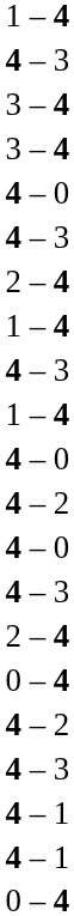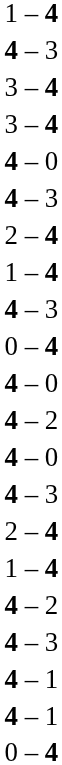 <table style="text-align:center">
 <tr>
 <th width=223></th>
 <th width=100></th>
 <th width=223></th>
 </tr>
 <tr>
 <td align=right></td>
 <td>1 – <strong>4</strong></td>
 <td align=left></td>
 </tr>
 <tr>
 <td align=right></td>
 <td><strong>4</strong> – 3</td>
 <td align=left></td>
 </tr>
 <tr>
 <td align=right></td>
 <td>3 – <strong>4</strong></td>
 <td align=left></td>
 </tr>
 <tr>
 <td align=right></td>
 <td>3 – <strong>4</strong></td>
 <td align=left></td>
 </tr>
 <tr>
 <td align=right></td>
 <td><strong>4</strong> – 0</td>
 <td align=left></td>
 </tr>
 <tr>
 <td align=right></td>
 <td><strong>4</strong> – 3</td>
 <td align=left></td>
 </tr>
 <tr>
 <td align=right></td>
 <td>2 – <strong>4</strong></td>
 <td align=left></td>
 </tr>
 <tr>
 <td align=right></td>
 <td>1 – <strong>4</strong></td>
 <td align=left></td>
 </tr>
 <tr>
 <td align=right></td>
 <td><strong>4</strong> – 3</td>
 <td align=left></td>
 </tr>
 <tr>
 <td align=right></td>
-<td>1 – <strong>4</strong></td>
+<td>0 – <strong>4</strong></td>
 <td align=left></td>
 </tr>
 <tr>
 <td align=right></td>
 <td><strong>4</strong> – 0</td>
 <td align=left></td>
 </tr>
 <tr>
 <td align=right></td>
 <td><strong>4</strong> – 2</td>
 <td align=left></td>
 </tr>
 <tr>
 <td align=right></td>
 <td><strong>4</strong> – 0</td>
 <td align=left></td>
 </tr>
 <tr>
 <td align=right></td>
 <td><strong>4</strong> – 3</td>
 <td align=left></td>
 </tr>
 <tr>
 <td align=right></td>
 <td>2 – <strong>4</strong></td>
 <td align=left></td>
 </tr>
 <tr>
 <td align=right></td>
-<td>0 – <strong>4</strong></td>
+<td>1 – <strong>4</strong></td>
 <td align=left></td>
 </tr>
 <tr>
 <td align=right></td>
 <td><strong>4</strong> – 2</td>
 <td align=left></td>
 </tr>
 <tr>
 <td align=right></td>
 <td><strong>4</strong> – 3</td>
 <td align=left></td>
 </tr>
 <tr>
 <td align=right></td>
 <td><strong>4</strong> – 1</td>
 <td align=left></td>
 </tr>
 <tr>
 <td align=right></td>
 <td><strong>4</strong> – 1</td>
 <td align=left></td>
 </tr>
 <tr>
 <td align=right></td>
 <td>0 – <strong>4</strong></td>
 <td align=left></td>
 </tr>
 </table>
